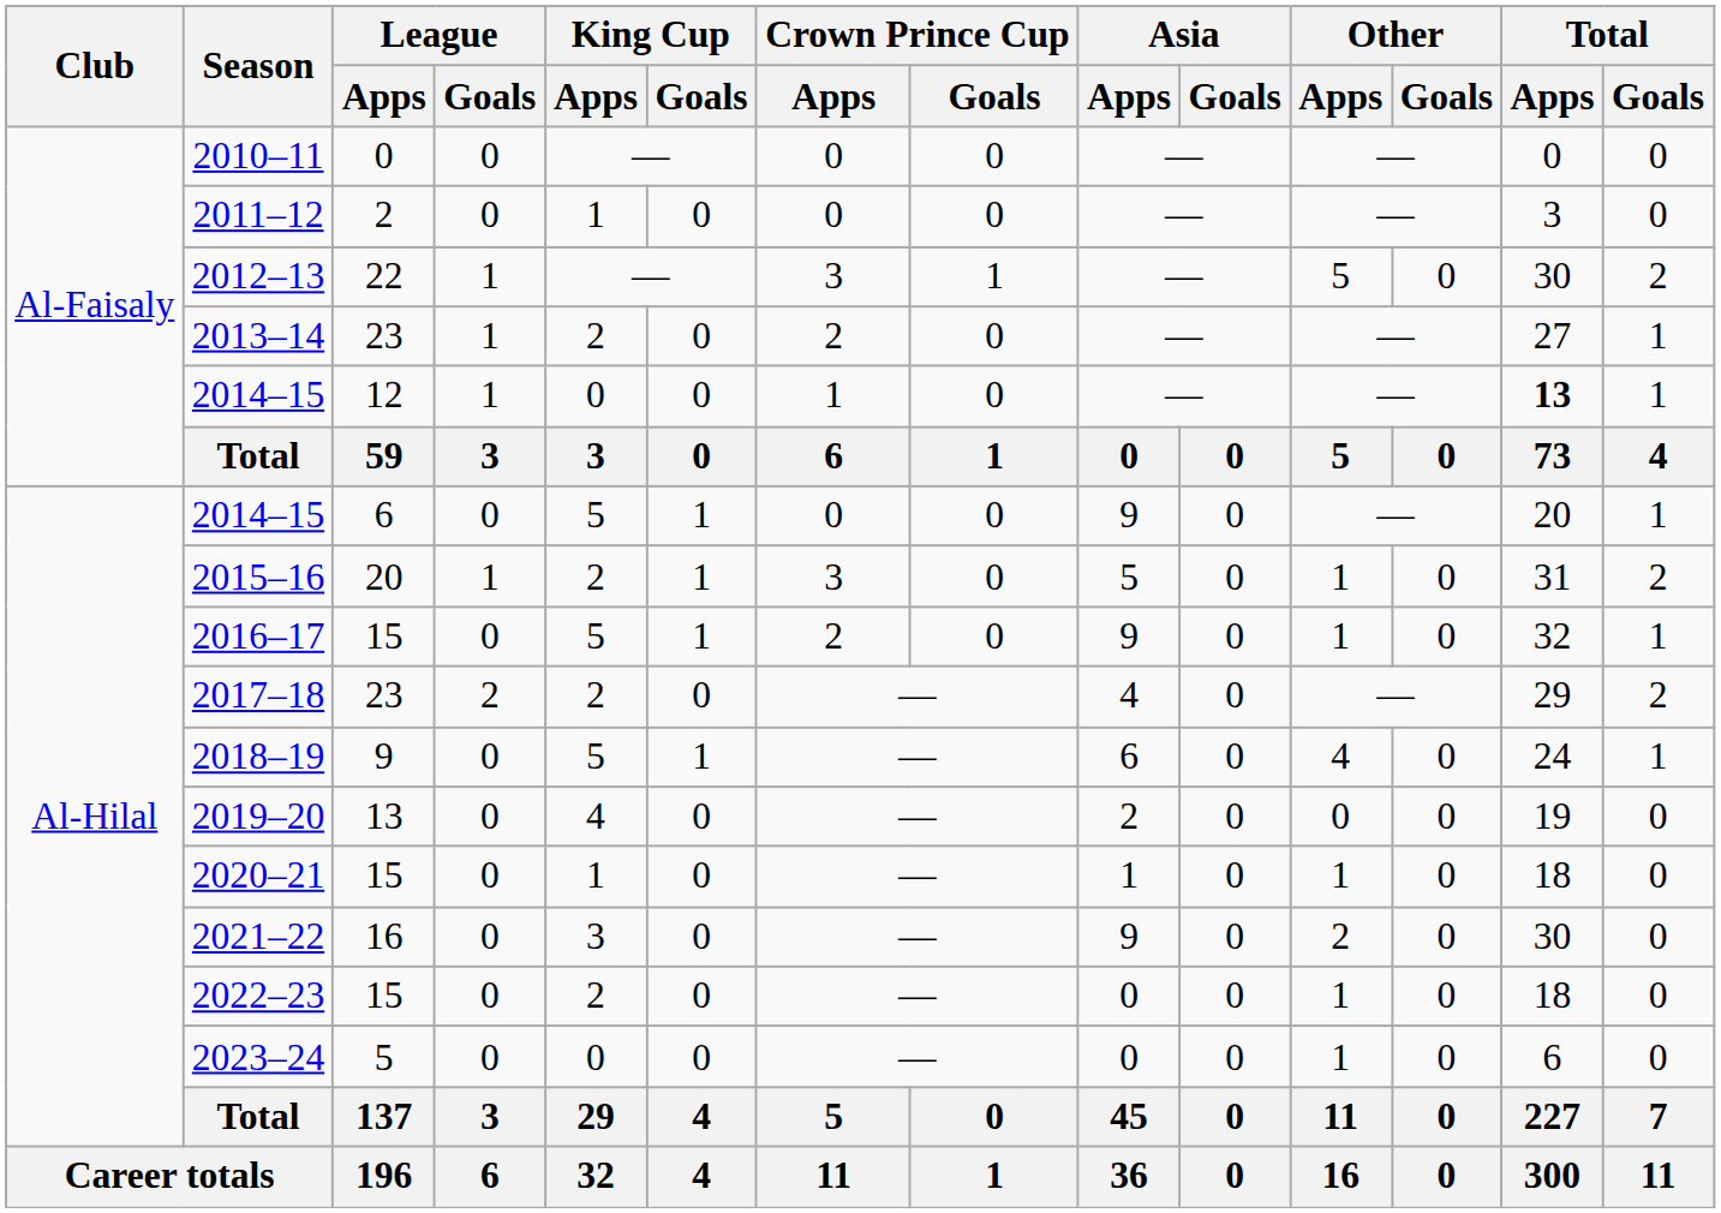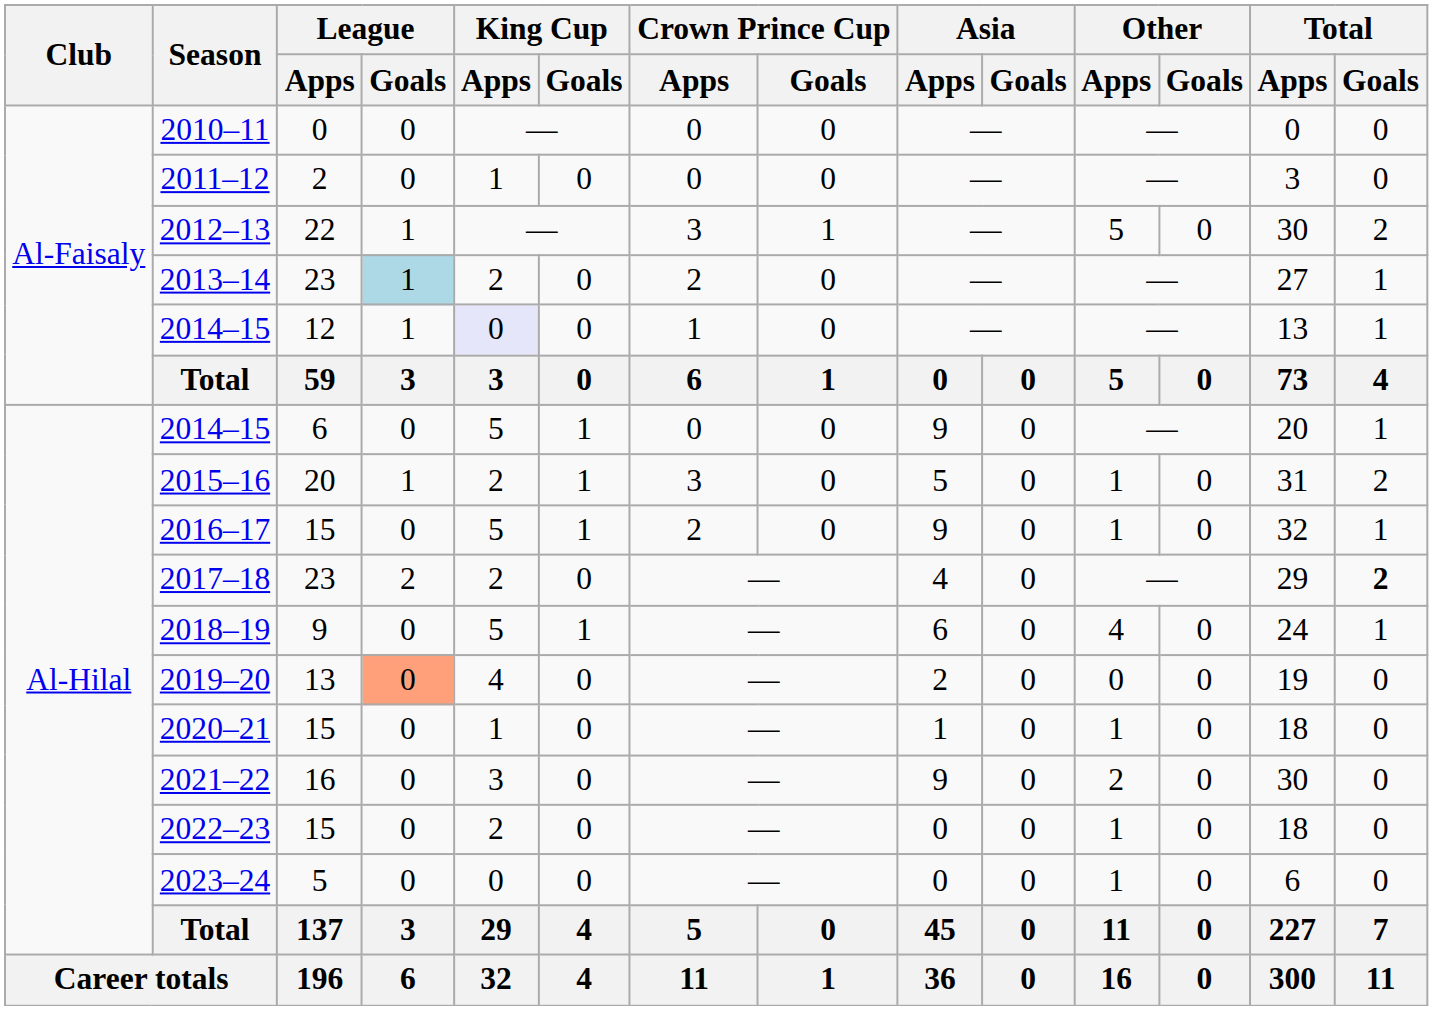 <table class="wikitable" style="text-align: center">
 <tr>
 <th rowspan=2>Club</th>
 <th rowspan=2>Season</th>
 <th colspan=2>League</th>
 <th colspan=2>King Cup</th>
 <th colspan=2>Crown Prince Cup</th>
 <th colspan=2>Asia</th>
 <th colspan=2>Other</th>
 <th colspan=2>Total</th>
 </tr>
 <tr>
 <th>Apps</th>
 <th>Goals</th>
 <th>Apps</th>
 <th>Goals</th>
 <th>Apps</th>
 <th>Goals</th>
 <th>Apps</th>
 <th>Goals</th>
 <th>Apps</th>
 <th>Goals</th>
 <th>Apps</th>
 <th>Goals</th>
 </tr>
 <tr>
 <td rowspan=6><a href='#'>Al-Faisaly</a></td>
 <td><a href='#'>2010–11</a></td>
 <td>0</td>
 <td>0</td>
 <td colspan=2>—</td>
 <td>0</td>
 <td>0</td>
 <td colspan=2>—</td>
 <td colspan=2>—</td>
 <td>0</td>
 <td>0</td>
 </tr>
 <tr>
 <td><a href='#'>2011–12</a></td>
 <td>2</td>
 <td>0</td>
 <td>1</td>
 <td>0</td>
 <td>0</td>
 <td>0</td>
 <td colspan=2>—</td>
 <td colspan=2>—</td>
 <td>3</td>
 <td>0</td>
 </tr>
 <tr>
 <td><a href='#'>2012–13</a></td>
 <td>22</td>
 <td>1</td>
 <td colspan=2>—</td>
 <td>3</td>
 <td>1</td>
 <td colspan=2>—</td>
 <td>5</td>
 <td>0</td>
 <td>30</td>
 <td>2</td>
 </tr>
 <tr>
 <td><a href='#'>2013–14</a></td>
 <td>23</td>
-<td>1</td>
+<td style="background: lightblue;">1</td>
 <td>2</td>
 <td>0</td>
 <td>2</td>
 <td>0</td>
 <td colspan=2>—</td>
 <td colspan=2>—</td>
 <td>27</td>
 <td>1</td>
 </tr>
 <tr>
 <td><a href='#'>2014–15</a></td>
 <td>12</td>
 <td>1</td>
-<td>0</td>
+<td style="background: lavender;">0</td>
 <td>0</td>
 <td>1</td>
 <td>0</td>
 <td colspan=2>—</td>
 <td colspan=2>—</td>
-<td><strong>13</strong></td>
+<td>13</td>
 <td>1</td>
 </tr>
 <tr>
 <th>Total</th>
 <th>59</th>
 <th>3</th>
 <th>3</th>
 <th>0</th>
 <th>6</th>
 <th>1</th>
 <th>0</th>
 <th>0</th>
 <th>5</th>
 <th>0</th>
 <th>73</th>
 <th>4</th>
 </tr>
 <tr>
 <td rowspan=11><a href='#'>Al-Hilal</a></td>
 <td><a href='#'>2014–15</a></td>
 <td>6</td>
 <td>0</td>
 <td>5</td>
 <td>1</td>
 <td>0</td>
 <td>0</td>
 <td>9</td>
 <td>0</td>
 <td colspan=2>—</td>
 <td>20</td>
 <td>1</td>
 </tr>
 <tr>
 <td><a href='#'>2015–16</a></td>
 <td>20</td>
 <td>1</td>
 <td>2</td>
 <td>1</td>
 <td>3</td>
 <td>0</td>
 <td>5</td>
 <td>0</td>
 <td>1</td>
 <td>0</td>
 <td>31</td>
 <td>2</td>
 </tr>
 <tr>
 <td><a href='#'>2016–17</a></td>
 <td>15</td>
 <td>0</td>
 <td>5</td>
 <td>1</td>
 <td>2</td>
 <td>0</td>
 <td>9</td>
 <td>0</td>
 <td>1</td>
 <td>0</td>
 <td>32</td>
 <td>1</td>
 </tr>
 <tr>
 <td><a href='#'>2017–18</a></td>
 <td>23</td>
 <td>2</td>
 <td>2</td>
 <td>0</td>
 <td colspan=2>—</td>
 <td>4</td>
 <td>0</td>
 <td colspan=2>—</td>
 <td>29</td>
-<td>2</td>
+<td><strong>2</strong></td>
 </tr>
 <tr>
 <td><a href='#'>2018–19</a></td>
 <td>9</td>
 <td>0</td>
 <td>5</td>
 <td>1</td>
 <td colspan=2>—</td>
 <td>6</td>
 <td>0</td>
 <td>4</td>
 <td>0</td>
 <td>24</td>
 <td>1</td>
 </tr>
 <tr>
 <td><a href='#'>2019–20</a></td>
 <td>13</td>
-<td>0</td>
+<td style="background: lightsalmon;">0</td>
 <td>4</td>
 <td>0</td>
 <td colspan=2>—</td>
 <td>2</td>
 <td>0</td>
 <td>0</td>
 <td>0</td>
 <td>19</td>
 <td>0</td>
 </tr>
 <tr>
 <td><a href='#'>2020–21</a></td>
 <td>15</td>
 <td>0</td>
 <td>1</td>
 <td>0</td>
 <td colspan=2>—</td>
 <td>1</td>
 <td>0</td>
 <td>1</td>
 <td>0</td>
 <td>18</td>
 <td>0</td>
 </tr>
 <tr>
 <td><a href='#'>2021–22</a></td>
 <td>16</td>
 <td>0</td>
 <td>3</td>
 <td>0</td>
 <td colspan=2>—</td>
 <td>9</td>
 <td>0</td>
 <td>2</td>
 <td>0</td>
 <td>30</td>
 <td>0</td>
 </tr>
 <tr>
 <td><a href='#'>2022–23</a></td>
 <td>15</td>
 <td>0</td>
 <td>2</td>
 <td>0</td>
 <td colspan=2>—</td>
 <td>0</td>
 <td>0</td>
 <td>1</td>
 <td>0</td>
 <td>18</td>
 <td>0</td>
 </tr>
 <tr>
 <td><a href='#'>2023–24</a></td>
 <td>5</td>
 <td>0</td>
 <td>0</td>
 <td>0</td>
 <td colspan=2>—</td>
 <td>0</td>
 <td>0</td>
 <td>1</td>
 <td>0</td>
 <td>6</td>
 <td>0</td>
 </tr>
 <tr>
 <th>Total</th>
 <th>137</th>
 <th>3</th>
 <th>29</th>
 <th>4</th>
 <th>5</th>
 <th>0</th>
 <th>45</th>
 <th>0</th>
 <th>11</th>
 <th>0</th>
 <th>227</th>
 <th>7</th>
 </tr>
 <tr>
 <th colspan=2>Career totals</th>
 <th>196</th>
 <th>6</th>
 <th>32</th>
 <th>4</th>
 <th>11</th>
 <th>1</th>
 <th>36</th>
 <th>0</th>
 <th>16</th>
 <th>0</th>
 <th>300</th>
 <th>11</th>
 </tr>
 </table>
